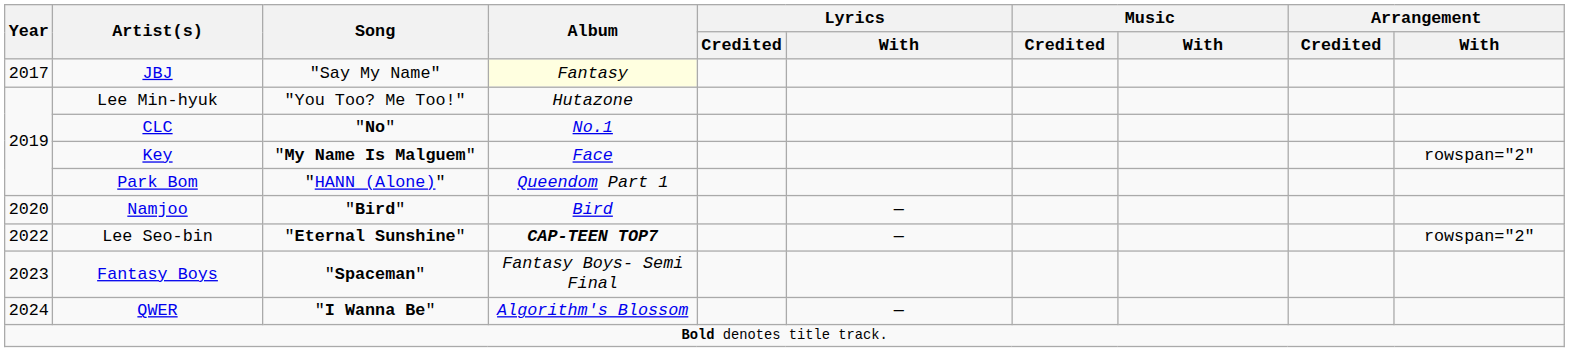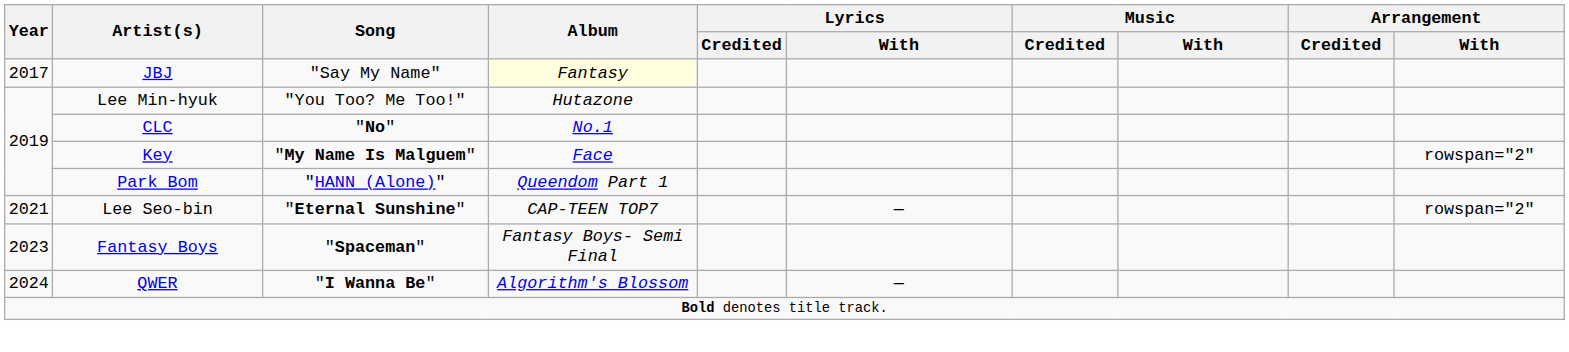 <table class="wikitable" style="text-align:center;">
 <tr>
 <th rowspan="2" style="width:2em;">Year</th>
 <th rowspan="2" style="width:12em;">Artist(s)</th>
 <th rowspan="2" style="width:13em;">Song</th>
 <th rowspan="2" style="width:12em;">Album</th>
 <th colspan="2" style="width:16em;">Lyrics</th>
 <th colspan="2" style="width:16em;">Music</th>
 <th colspan="2" style="width:16em;">Arrangement</th>
 </tr>
 <tr>
 <th style="width:4em;">Credited</th>
 <th style="width:13em;">With</th>
 <th style="width:4em;">Credited</th>
 <th style="width:8em;">With</th>
 <th style="width:4em;">Credited</th>
 <th style="width:8em;">With</th>
 </tr>
 <tr>
 <td>2017</td>
 <td><a href='#'>JBJ</a></td>
 <td>"Say My Name"</td>
 <td style="background: lightyellow;"><em>Fantasy</em></td>
 <td></td>
 <td></td>
 <td></td>
 <td></td>
 <td></td>
 <td></td>
 </tr>
 <tr>
 <td rowspan="4">2019</td>
 <td>Lee Min-hyuk</td>
 <td>"You Too? Me Too!"</td>
 <td><em>Hutazone</em></td>
 <td></td>
 <td></td>
 <td></td>
 <td></td>
 <td></td>
 <td></td>
 </tr>
 <tr>
 <td><a href='#'>CLC</a></td>
 <td>"<strong>No</strong>"</td>
 <td><em><a href='#'>No.1</a></em></td>
 <td></td>
 <td></td>
 <td></td>
 <td></td>
 <td></td>
 <td></td>
 </tr>
 <tr>
 <td><a href='#'>Key</a></td>
 <td>"<strong>My Name Is Malguem</strong>"</td>
 <td><em><a href='#'>Face</a></em></td>
 <td></td>
 <td></td>
 <td></td>
 <td></td>
 <td></td>
 <td>rowspan="2"</td>
 </tr>
 <tr>
 <td><a href='#'>Park Bom</a></td>
 <td>"<a href='#'>HANN (Alone)</a>"</td>
 <td><em><a href='#'>Queendom</a> Part 1</em></td>
 <td></td>
 <td></td>
 <td></td>
 <td></td>
 <td></td>
 </tr>
 <tr>
-<td>2020</td>
-<td><a href='#'>Namjoo</a></td>
-<td>"<strong>Bird</strong>"</td>
-<td><em><a href='#'>Bird</a></em></td>
-<td></td>
-<td>—</td>
-<td></td>
-<td></td>
-<td></td>
-<td></td>
-</tr>
-<tr>
-<td>2022</td>
+<td>2021</td>
 <td>Lee Seo-bin</td>
 <td>"<strong>Eternal Sunshine</strong>"</td>
-<td><strong><em>CAP-TEEN TOP7</em></strong></td>
+<td><em>CAP-TEEN TOP7</em></td>
 <td></td>
 <td>—</td>
 <td></td>
 <td></td>
 <td></td>
 <td>rowspan="2" </td>
 </tr>
 <tr>
 <td>2023</td>
 <td><a href='#'>Fantasy Boys</a></td>
 <td>"<strong>Spaceman</strong>"</td>
 <td><em>Fantasy Boys- Semi Final</em></td>
 <td></td>
 <td></td>
 <td></td>
 <td></td>
 <td></td>
 </tr>
 <tr>
 <td>2024</td>
 <td><a href='#'>QWER</a></td>
 <td>"<strong>I Wanna Be</strong>"</td>
 <td><em><a href='#'>Algorithm's Blossom</a></em></td>
 <td></td>
 <td>—</td>
 <td></td>
 <td></td>
 <td></td>
 <td></td>
 </tr>
 <tr>
 <td colspan="10" style="text-align:center; font-size:8pt;"><strong>Bold</strong> denotes title track.</td>
 </tr>
 </table>
